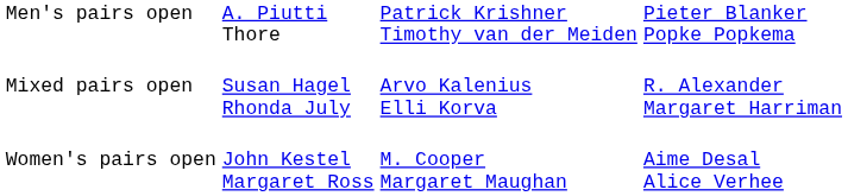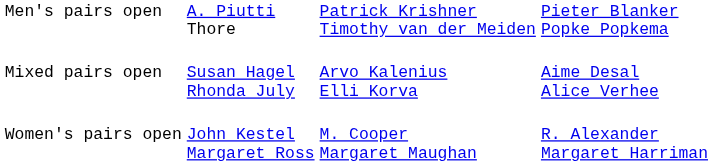 <table>
 <tr>
 <td>Men's pairs open<br></td>
 <td valign=top> <br> <a href='#'>A. Piutti</a> <br> Thore</td>
 <td valign=top> <br> <a href='#'>Patrick Krishner</a> <br> <a href='#'>Timothy van der Meiden</a></td>
 <td valign=top> <br> <a href='#'>Pieter Blanker</a> <br> <a href='#'>Popke Popkema</a></td>
 </tr>
 <tr>
 <td>Mixed pairs open<br></td>
 <td valign=top> <br> <a href='#'>Susan Hagel</a> <br> <a href='#'>Rhonda July</a></td>
 <td valign=top> <br> <a href='#'>Arvo Kalenius</a> <br> <a href='#'>Elli Korva</a></td>
-<td valign=top> <br> <a href='#'>R. Alexander</a> <br> <a href='#'>Margaret Harriman</a></td>
+<td valign=top> <br> <a href='#'>Aime Desal</a> <br> <a href='#'>Alice Verhee</a></td>
 </tr>
 <tr>
 <td>Women's pairs open<br></td>
 <td valign=top> <br> <a href='#'>John Kestel</a> <br> <a href='#'>Margaret Ross</a></td>
 <td valign=top> <br> <a href='#'>M. Cooper</a> <br> <a href='#'>Margaret Maughan</a></td>
-<td valign=top> <br> <a href='#'>Aime Desal</a> <br> <a href='#'>Alice Verhee</a></td>
+<td valign=top> <br> <a href='#'>R. Alexander</a> <br> <a href='#'>Margaret Harriman</a></td>
 </tr>
 </table>
